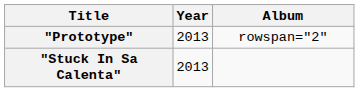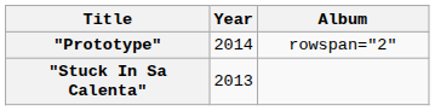 <table class="wikitable plainrowheaders" style="text-align:center;">
 <tr>
 <th scope="col" style="width:12em;">Title</th>
 <th scope="col" style="width:2em;">Year</th>
 <th scope="col" style="width:10em;">Album</th>
 </tr>
 <tr>
 <th scope="row">"Prototype"</th>
-<td>2013</td>
+<td>2014</td>
 <td>rowspan="2" </td>
 </tr>
 <tr>
 <th scope="row">"Stuck In Sa Calenta"</th>
 <td>2013</td>
 </tr>
 </table>
